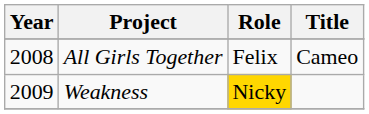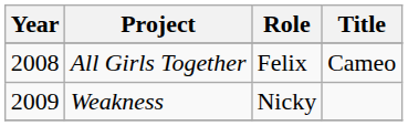 <table class="wikitable sortable">
 <tr>
 <th>Year</th>
 <th>Project</th>
 <th>Role</th>
 <th>Title</th>
 </tr>
 <tr>
 </tr>
 <tr>
 <td>2008</td>
 <td><em>All Girls Together</em></td>
 <td>Felix</td>
 <td>Cameo</td>
 </tr>
 <tr>
 <td>2009</td>
 <td><em>Weakness</em></td>
-<td style="background: gold;">Nicky</td>
+<td>Nicky</td>
 <td></td>
 </tr>
 <tr>
 </tr>
 </table>
